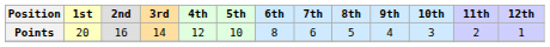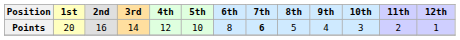 <table class="wikitable" style="font-size:85%; text-align:center">
 <tr>
 <th>Position</th>
 <td style="background:#FFFFBF;"> <strong>1st</strong> </td>
 <td style="background:#DFDFDF;"> <strong>2nd</strong> </td>
 <td style="background:#FFDF9F;"> <strong>3rd</strong> </td>
 <td style="background:#DFFFDF;"> <strong>4th</strong> </td>
 <td style="background:#DFFFDF;"> <strong>5th</strong> </td>
 <td style="background:#CFEAFF;"> <strong>6th</strong> </td>
 <td style="background:#CFEAFF;"> <strong>7th</strong> </td>
 <td style="background:#CFEAFF;"> <strong>8th</strong> </td>
 <td style="background:#CFEAFF;"> <strong>9th</strong> </td>
 <td style="background:#CFEAFF;"> <strong>10th</strong> </td>
 <td style="background:#CFCFFF;"> <strong>11th</strong> </td>
 <td style="background:#CFCFFF;"> <strong>12th</strong> </td>
 </tr>
 <tr>
 <th>Points</th>
 <td style="background:#FFFFBF;">20</td>
 <td style="background:#DFDFDF;">16</td>
 <td style="background:#FFDF9F;">14</td>
 <td style="background:#DFFFDF;">12</td>
 <td style="background:#DFFFDF;">10</td>
 <td style="background:#CFEAFF;">8</td>
-<td style="background:#CFEAFF;">6</td>
+<td style="background:#CFEAFF;"><strong>6</strong></td>
 <td style="background:#CFEAFF;">5</td>
 <td style="background:#CFEAFF;">4</td>
 <td style="background:#CFEAFF;">3</td>
 <td style="background:#CFCFFF;">2</td>
 <td style="background:#CFCFFF;">1</td>
 </tr>
 <tr>
 </tr>
 </table>
